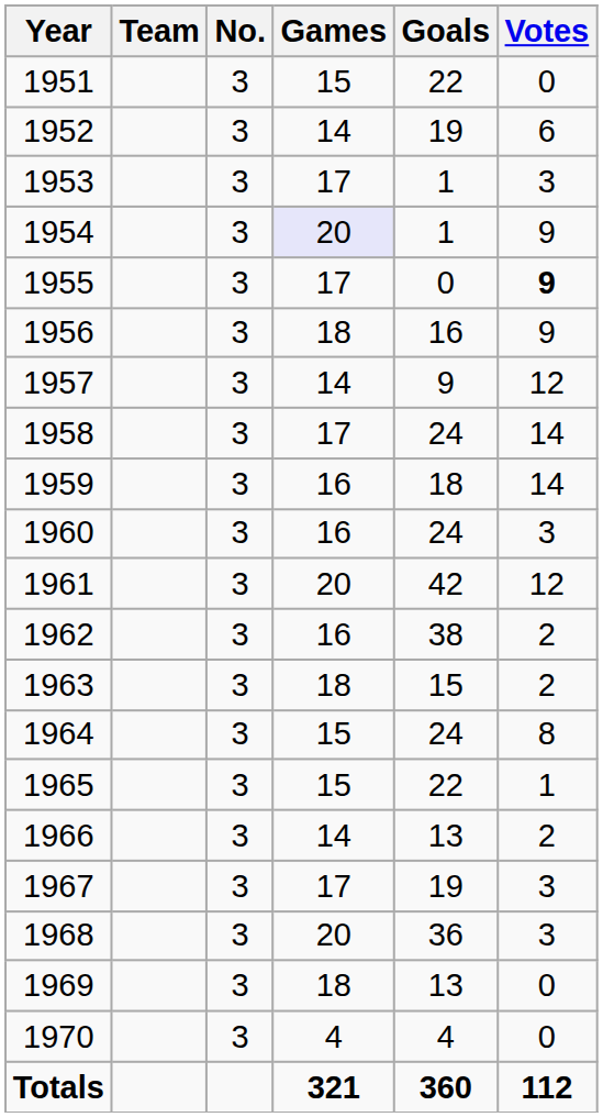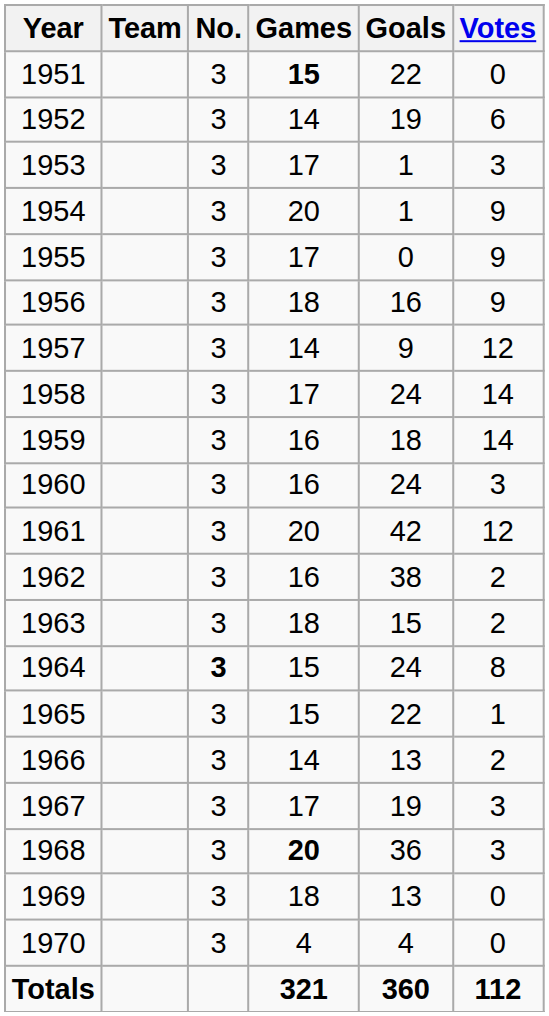 <table class="wikitable sortable" style="text-align:center; font-size:90%;">
 <tr>
 <th>Year</th>
 <th>Team</th>
 <th>No.</th>
 <th>Games</th>
 <th>Goals</th>
 <th><a href='#'>Votes</a></th>
 </tr>
 <tr>
 <td>1951</td>
 <td></td>
 <td>3</td>
-<td>15</td>
+<td><strong>15</strong></td>
 <td>22</td>
 <td>0</td>
 </tr>
 <tr>
 <td>1952</td>
 <td></td>
 <td>3</td>
 <td>14</td>
 <td>19</td>
 <td>6</td>
 </tr>
 <tr>
 <td>1953</td>
 <td></td>
 <td>3</td>
 <td>17</td>
 <td>1</td>
 <td>3</td>
 </tr>
 <tr>
 <td>1954</td>
 <td></td>
 <td>3</td>
-<td style="background: lavender;">20</td>
+<td>20</td>
 <td>1</td>
 <td>9</td>
 </tr>
 <tr>
 <td>1955</td>
 <td></td>
 <td>3</td>
 <td>17</td>
 <td>0</td>
-<td><strong>9</strong></td>
+<td>9</td>
 </tr>
 <tr>
 <td>1956</td>
 <td></td>
 <td>3</td>
 <td>18</td>
 <td>16</td>
 <td>9</td>
 </tr>
 <tr>
 <td>1957</td>
 <td></td>
 <td>3</td>
 <td>14</td>
 <td>9</td>
 <td>12</td>
 </tr>
 <tr>
 <td>1958</td>
 <td></td>
 <td>3</td>
 <td>17</td>
 <td>24</td>
 <td>14</td>
 </tr>
 <tr>
 <td>1959</td>
 <td></td>
 <td>3</td>
 <td>16</td>
 <td>18</td>
 <td>14</td>
 </tr>
 <tr>
 <td>1960</td>
 <td></td>
 <td>3</td>
 <td>16</td>
 <td>24</td>
 <td>3</td>
 </tr>
 <tr>
 <td>1961</td>
 <td></td>
 <td>3</td>
 <td>20</td>
 <td>42</td>
 <td>12</td>
 </tr>
 <tr>
 <td>1962</td>
 <td></td>
 <td>3</td>
 <td>16</td>
 <td>38</td>
 <td>2</td>
 </tr>
 <tr>
 <td>1963</td>
 <td></td>
 <td>3</td>
 <td>18</td>
 <td>15</td>
 <td>2</td>
 </tr>
 <tr>
 <td>1964</td>
 <td></td>
-<td>3</td>
+<td><strong>3</strong></td>
 <td>15</td>
 <td>24</td>
 <td>8</td>
 </tr>
 <tr>
 <td>1965</td>
 <td></td>
 <td>3</td>
 <td>15</td>
 <td>22</td>
 <td>1</td>
 </tr>
 <tr>
 <td>1966</td>
 <td></td>
 <td>3</td>
 <td>14</td>
 <td>13</td>
 <td>2</td>
 </tr>
 <tr>
 <td>1967</td>
 <td></td>
 <td>3</td>
 <td>17</td>
 <td>19</td>
 <td>3</td>
 </tr>
 <tr>
 <td>1968</td>
 <td></td>
 <td>3</td>
-<td>20</td>
+<td><strong>20</strong></td>
 <td>36</td>
 <td>3</td>
 </tr>
 <tr>
 <td>1969</td>
 <td></td>
 <td>3</td>
 <td>18</td>
 <td>13</td>
 <td>0</td>
 </tr>
 <tr>
 <td>1970</td>
 <td></td>
 <td>3</td>
 <td>4</td>
 <td>4</td>
 <td>0</td>
 </tr>
 <tr>
 <td><strong>Totals</strong></td>
 <td></td>
 <td></td>
 <td><strong>321</strong></td>
 <td><strong>360</strong></td>
 <td><strong>112</strong></td>
 </tr>
 <tr>
 </tr>
 </table>
